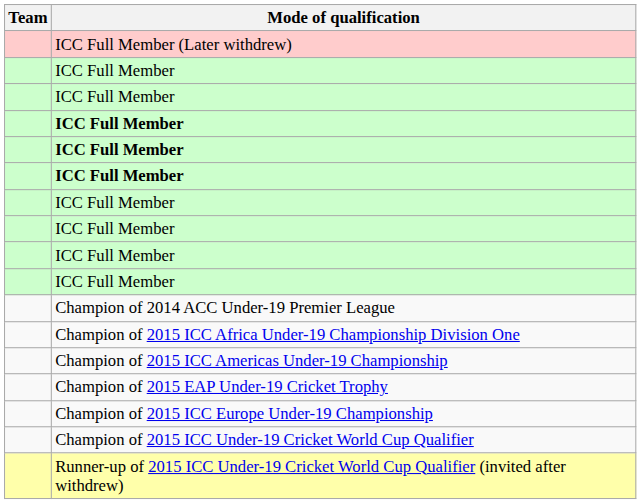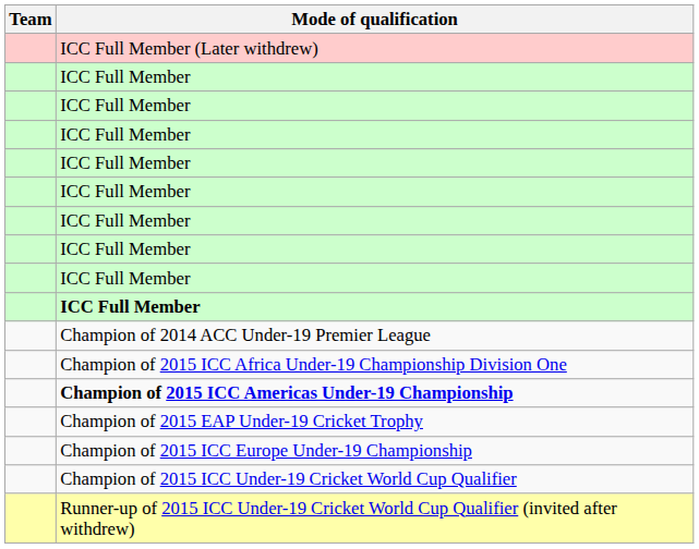 <table class="wikitable">
 <tr>
 <th>Team</th>
 <th>Mode of qualification</th>
 </tr>
 <tr style="background:#fcc;">
 <td><s></s></td>
 <td>ICC Full Member (Later withdrew)</td>
 </tr>
 <tr style="background:#cfc;">
 <td></td>
 <td>ICC Full Member</td>
 </tr>
 <tr style="background:#cfc;">
 <td></td>
 <td>ICC Full Member</td>
 </tr>
 <tr style="background:#cfc;">
 <td></td>
-<td><strong>ICC Full Member</strong></td>
-</tr>
-<tr style="background:#cfc;">
-<td></td>
-<td><strong>ICC Full Member</strong></td>
-</tr>
-<tr style="background:#cfc;">
-<td></td>
-<td><strong>ICC Full Member</strong></td>
+<td>ICC Full Member</td>
 </tr>
 <tr style="background:#cfc;">
 <td></td>
 <td>ICC Full Member</td>
 </tr>
 <tr style="background:#cfc;">
 <td></td>
 <td>ICC Full Member</td>
 </tr>
 <tr style="background:#cfc;">
 <td></td>
 <td>ICC Full Member</td>
 </tr>
 <tr style="background:#cfc;">
 <td></td>
 <td>ICC Full Member</td>
 </tr>
+<tr style="background:#cfc;">
+<td></td>
+<td>ICC Full Member</td>
+</tr>
+<tr style="background:#cfc;">
+<td></td>
+<td><strong>ICC Full Member</strong></td>
+</tr>
 <tr style="background:#FF FA CD;">
 <td></td>
 <td>Champion of 2014 ACC Under-19 Premier League</td>
 </tr>
 <tr style="background:#FF FA CD;">
 <td></td>
 <td>Champion of <a href='#'>2015 ICC Africa Under-19 Championship Division One</a></td>
 </tr>
 <tr style="background:#FF FA CD;">
 <td></td>
-<td>Champion of <a href='#'>2015 ICC Americas Under-19 Championship</a></td>
+<td><strong>Champion of <a href='#'>2015 ICC Americas Under-19 Championship</a></strong></td>
 </tr>
 <tr style="background:#FF FA CD;">
 <td></td>
 <td>Champion of <a href='#'>2015 EAP Under-19 Cricket Trophy</a></td>
 </tr>
 <tr style="background:#FF FA CD;">
 <td></td>
 <td>Champion of <a href='#'>2015 ICC Europe Under-19 Championship</a></td>
 </tr>
 <tr style="background:#FF FA CD;">
 <td></td>
 <td>Champion of <a href='#'>2015 ICC Under-19 Cricket World Cup Qualifier</a></td>
 </tr>
 <tr style="background:#ffa;">
 <td></td>
 <td>Runner-up of <a href='#'>2015 ICC Under-19 Cricket World Cup Qualifier</a> (invited after  withdrew)</td>
 </tr>
 </table>
